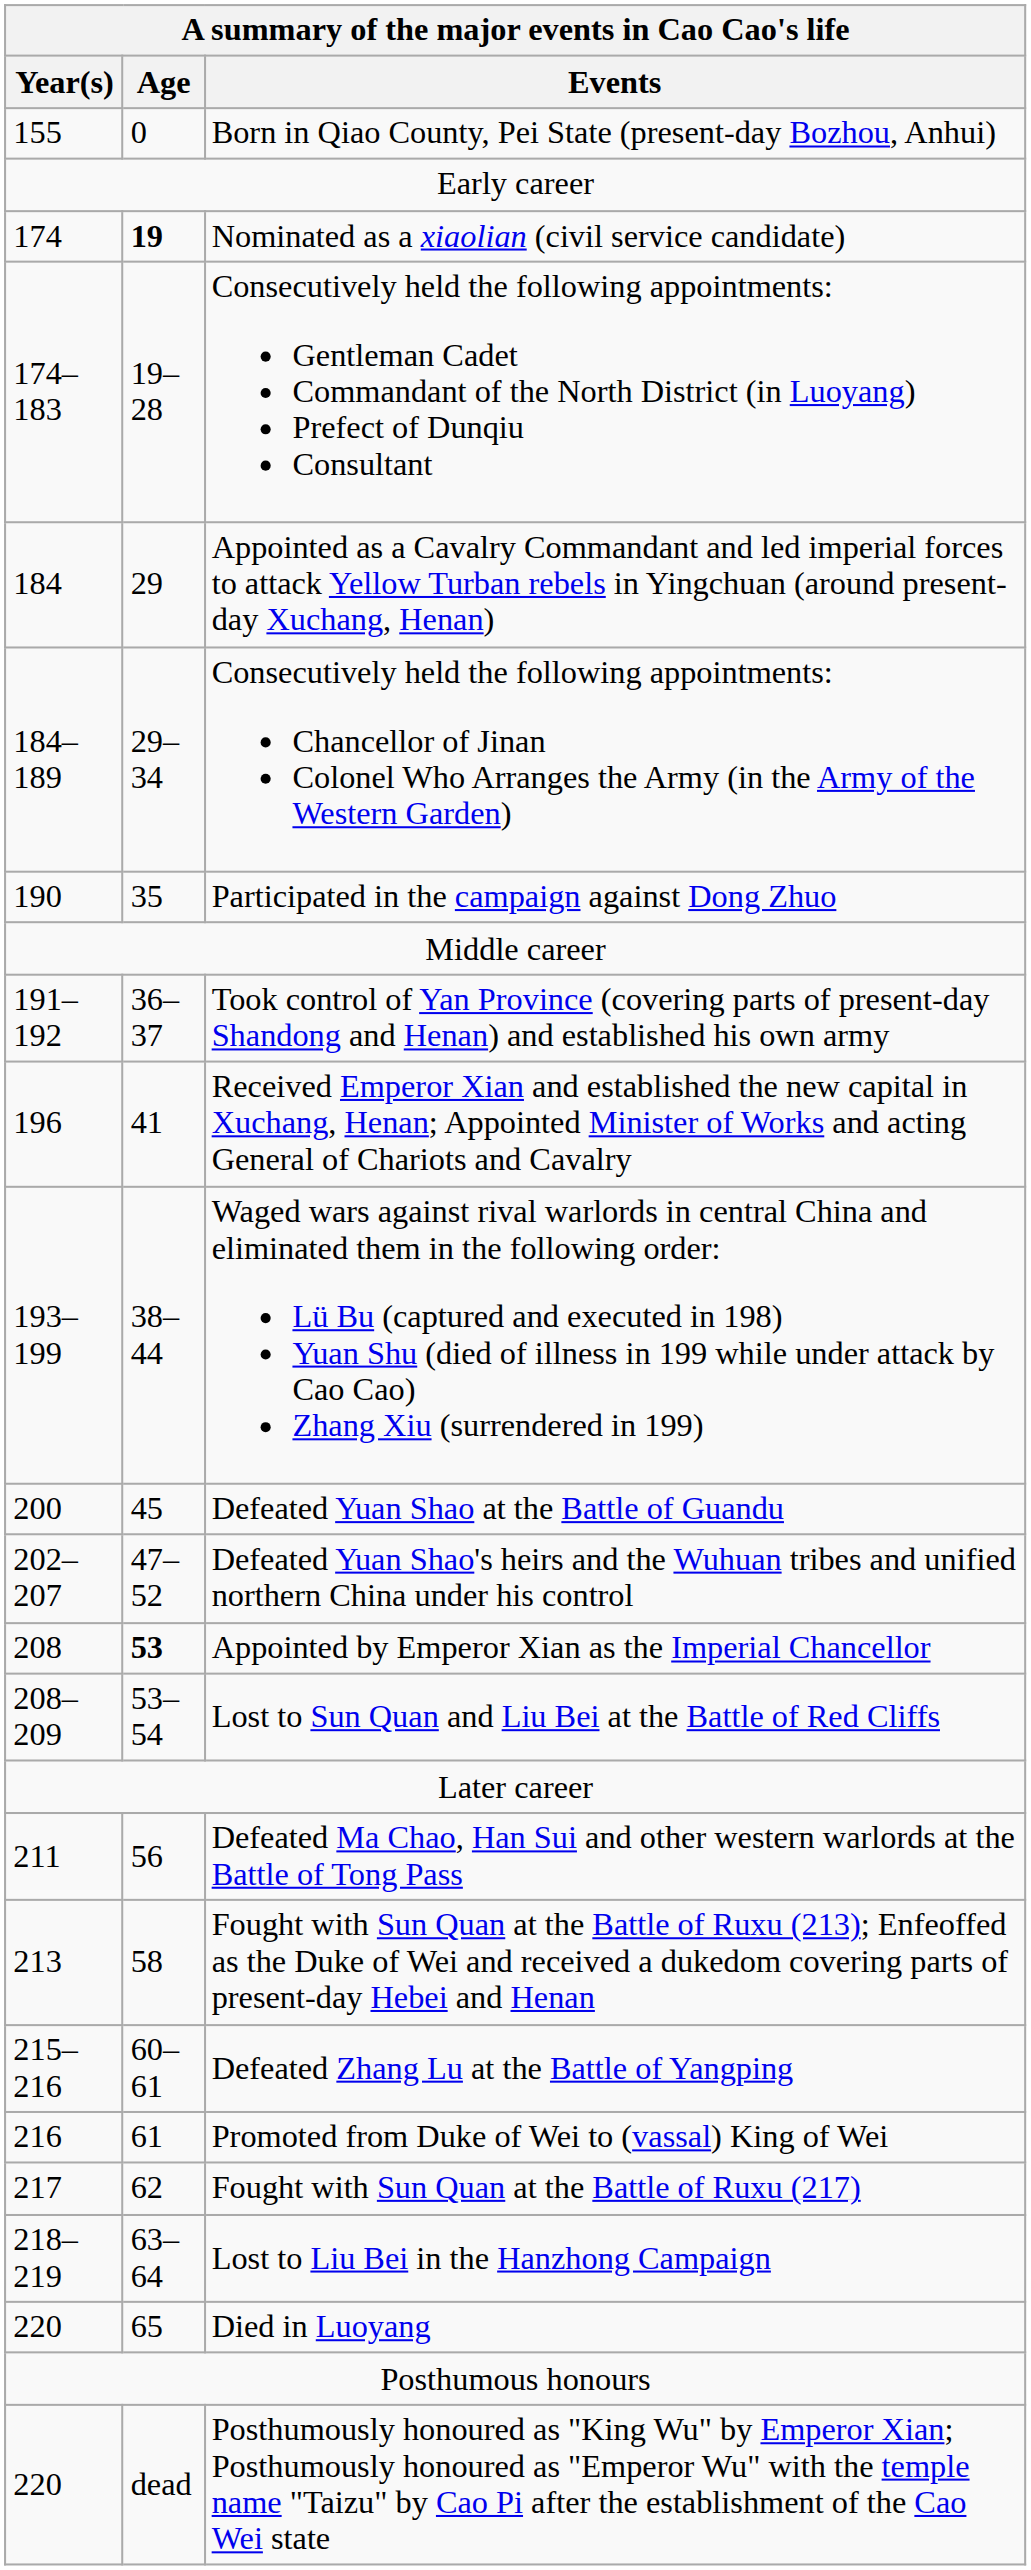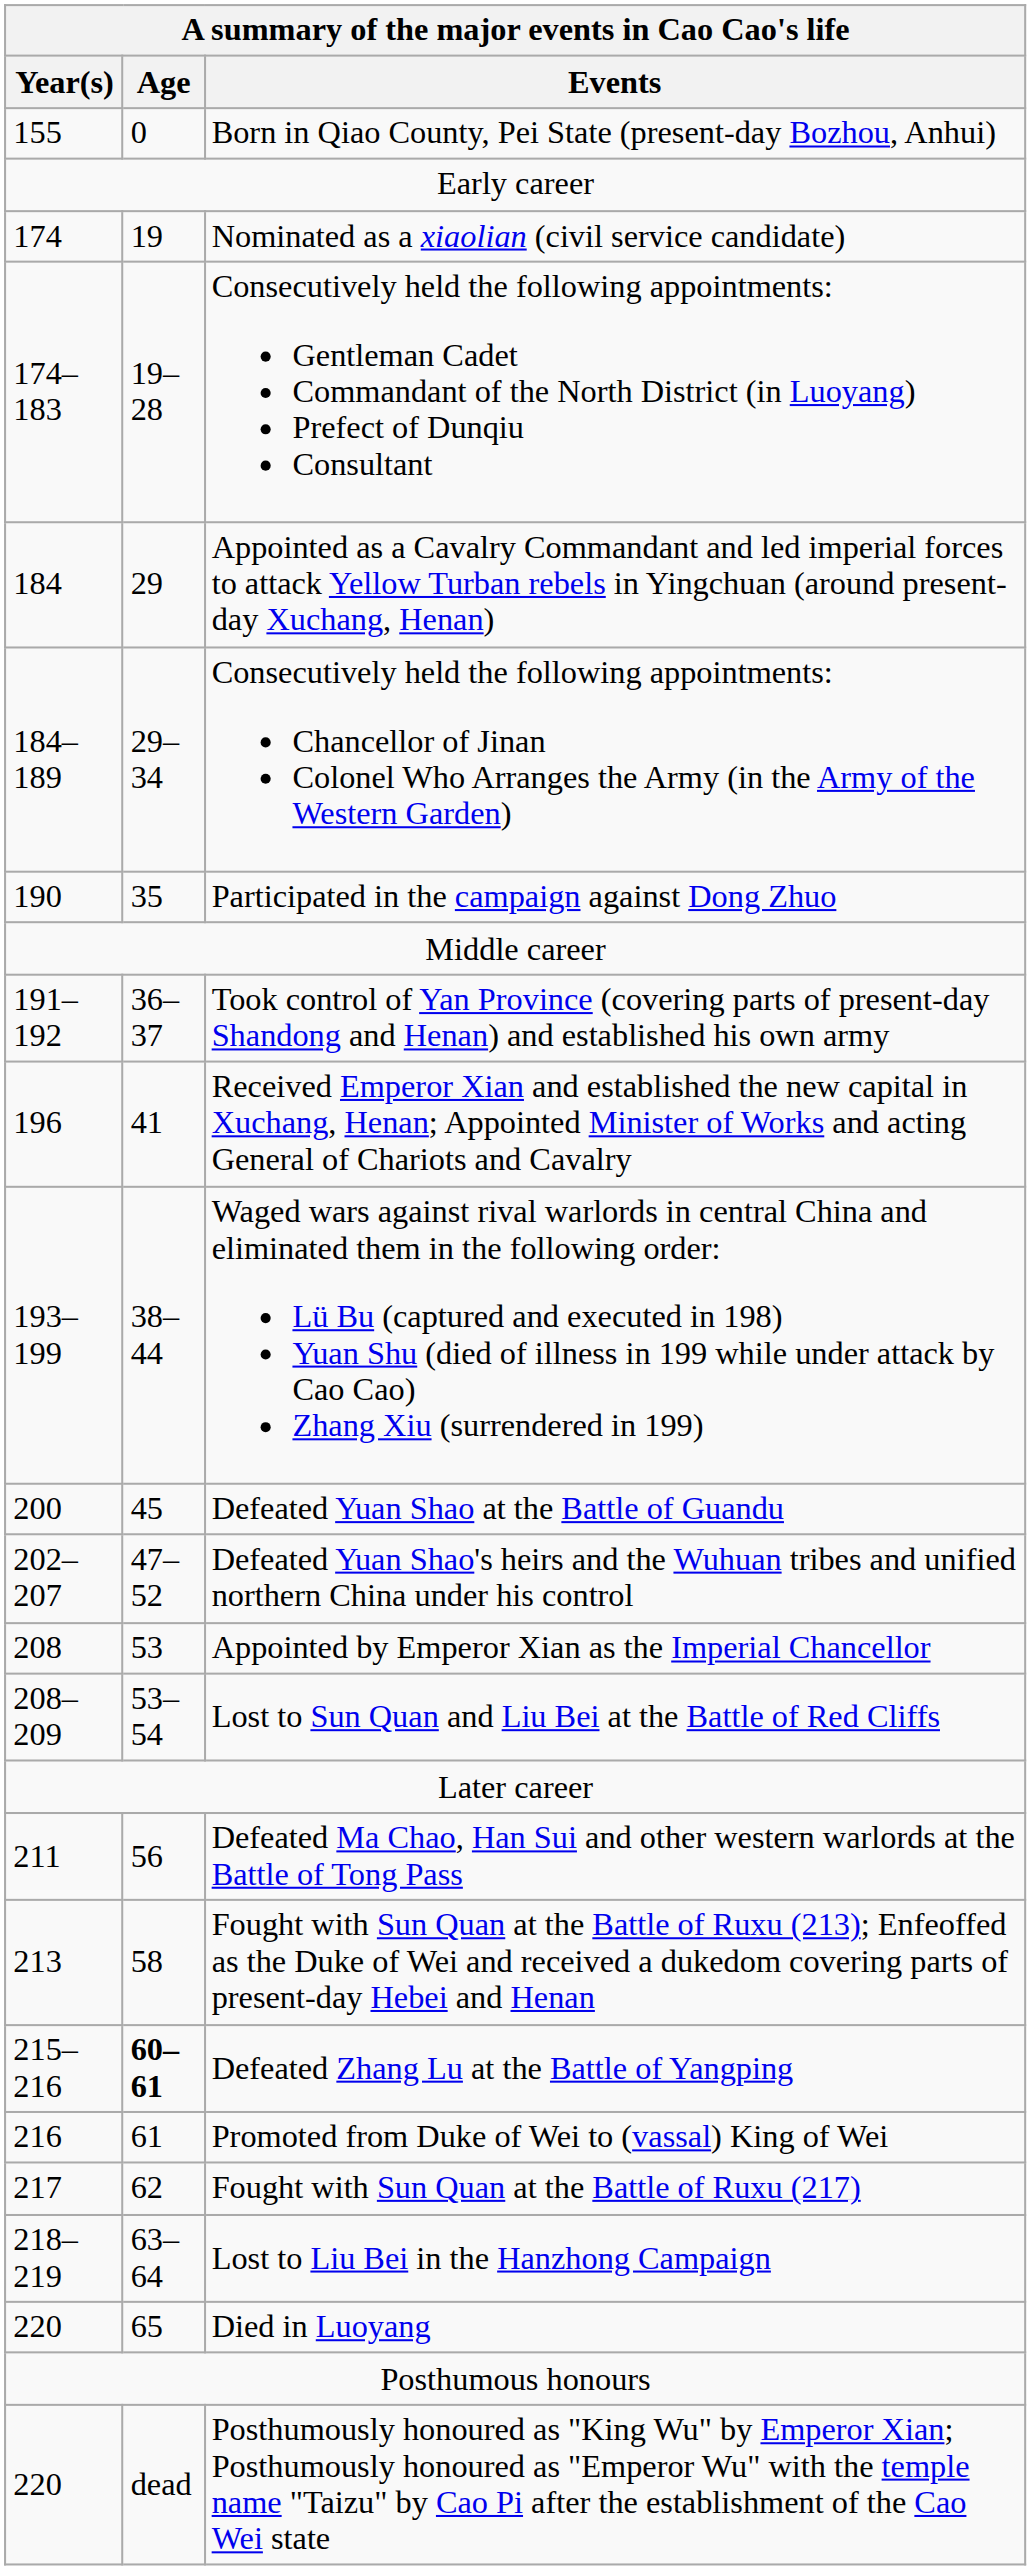 <table class="wikitable"  style="margin:5px; float:right; width:40%;">
 <tr>
 <th colspan=3>A summary of the major events in Cao Cao's life</th>
 </tr>
 <tr>
 <th>Year(s)</th>
 <th>Age</th>
 <th>Events</th>
 </tr>
 <tr>
 <td>155</td>
 <td>0</td>
 <td>Born in Qiao County, Pei State (present-day <a href='#'>Bozhou</a>, Anhui)</td>
 </tr>
 <tr>
 <td align=center colspan=3>Early career</td>
 </tr>
 <tr>
 <td>174</td>
-<td><strong>19</strong></td>
+<td>19</td>
 <td>Nominated as a <em><a href='#'>xiaolian</a></em> (civil service candidate)</td>
 </tr>
 <tr>
 <td>174–183</td>
 <td>19–28</td>
 <td>Consecutively held the following appointments:<br><ul><li>Gentleman Cadet</li><li>Commandant of the North District (in <a href='#'>Luoyang</a>)</li><li>Prefect of Dunqiu</li><li>Consultant</li></ul></td>
 </tr>
 <tr>
 <td>184</td>
 <td>29</td>
 <td>Appointed as a Cavalry Commandant and led imperial forces to attack <a href='#'>Yellow Turban rebels</a> in Yingchuan (around present-day <a href='#'>Xuchang</a>, <a href='#'>Henan</a>)</td>
 </tr>
 <tr>
 <td>184–189</td>
 <td>29–34</td>
 <td>Consecutively held the following appointments:<br><ul><li>Chancellor of Jinan</li><li>Colonel Who Arranges the Army (in the <a href='#'>Army of the Western Garden</a>)</li></ul></td>
 </tr>
 <tr>
 <td>190</td>
 <td>35</td>
 <td>Participated in the <a href='#'>campaign</a> against <a href='#'>Dong Zhuo</a></td>
 </tr>
 <tr>
 <td align=center colspan=3>Middle career</td>
 </tr>
 <tr>
 <td>191–192</td>
 <td>36–37</td>
 <td>Took control of <a href='#'>Yan Province</a> (covering parts of present-day <a href='#'>Shandong</a> and <a href='#'>Henan</a>) and established his own army</td>
 </tr>
 <tr>
 <td>196</td>
 <td>41</td>
 <td>Received <a href='#'>Emperor Xian</a> and established the new capital in <a href='#'>Xuchang</a>, <a href='#'>Henan</a>; Appointed <a href='#'>Minister of Works</a> and acting General of Chariots and Cavalry</td>
 </tr>
 <tr>
 <td>193–199</td>
 <td>38–44</td>
 <td>Waged wars against rival warlords in central China and eliminated them in the following order:<br><ul><li><a href='#'>Lü Bu</a> (captured and executed in 198)</li><li><a href='#'>Yuan Shu</a> (died of illness in 199 while under attack by Cao Cao)</li><li><a href='#'>Zhang Xiu</a> (surrendered in 199)</li></ul></td>
 </tr>
 <tr>
 <td>200</td>
 <td>45</td>
 <td>Defeated <a href='#'>Yuan Shao</a> at the <a href='#'>Battle of Guandu</a></td>
 </tr>
 <tr>
 <td>202–207</td>
 <td>47–52</td>
 <td>Defeated <a href='#'>Yuan Shao</a>'s heirs and the <a href='#'>Wuhuan</a> tribes and unified northern China under his control</td>
 </tr>
 <tr>
 <td>208</td>
-<td><strong>53</strong></td>
+<td>53</td>
 <td>Appointed by Emperor Xian as the <a href='#'>Imperial Chancellor</a></td>
 </tr>
 <tr>
 <td>208–209</td>
 <td>53–54</td>
 <td>Lost to <a href='#'>Sun Quan</a> and <a href='#'>Liu Bei</a> at the <a href='#'>Battle of Red Cliffs</a></td>
 </tr>
 <tr>
 <td align=center colspan=3>Later career</td>
 </tr>
 <tr>
 <td>211</td>
 <td>56</td>
 <td>Defeated <a href='#'>Ma Chao</a>, <a href='#'>Han Sui</a> and other western warlords at the <a href='#'>Battle of Tong Pass</a></td>
 </tr>
 <tr>
 <td>213</td>
 <td>58</td>
 <td>Fought with <a href='#'>Sun Quan</a> at the <a href='#'>Battle of Ruxu (213)</a>; Enfeoffed as the Duke of Wei and received a dukedom covering parts of present-day <a href='#'>Hebei</a> and <a href='#'>Henan</a></td>
 </tr>
 <tr>
 <td>215–216</td>
-<td>60–61</td>
+<td><strong>60–61</strong></td>
 <td>Defeated <a href='#'>Zhang Lu</a> at the <a href='#'>Battle of Yangping</a></td>
 </tr>
 <tr>
 <td>216</td>
 <td>61</td>
 <td>Promoted from Duke of Wei to (<a href='#'>vassal</a>) King of Wei</td>
 </tr>
 <tr>
 <td>217</td>
 <td>62</td>
 <td>Fought with <a href='#'>Sun Quan</a> at the <a href='#'>Battle of Ruxu (217)</a></td>
 </tr>
 <tr>
 <td>218–219</td>
 <td>63–64</td>
 <td>Lost to <a href='#'>Liu Bei</a> in the <a href='#'>Hanzhong Campaign</a></td>
 </tr>
 <tr>
 <td>220</td>
 <td>65</td>
 <td>Died in <a href='#'>Luoyang</a></td>
 </tr>
 <tr>
 <td align=center colspan=3>Posthumous honours</td>
 </tr>
 <tr>
 <td>220</td>
 <td>dead</td>
 <td>Posthumously honoured as "King Wu" by <a href='#'>Emperor Xian</a>; Posthumously honoured as "Emperor Wu" with the <a href='#'>temple name</a> "Taizu" by <a href='#'>Cao Pi</a> after the establishment of the <a href='#'>Cao Wei</a> state</td>
 </tr>
 </table>
